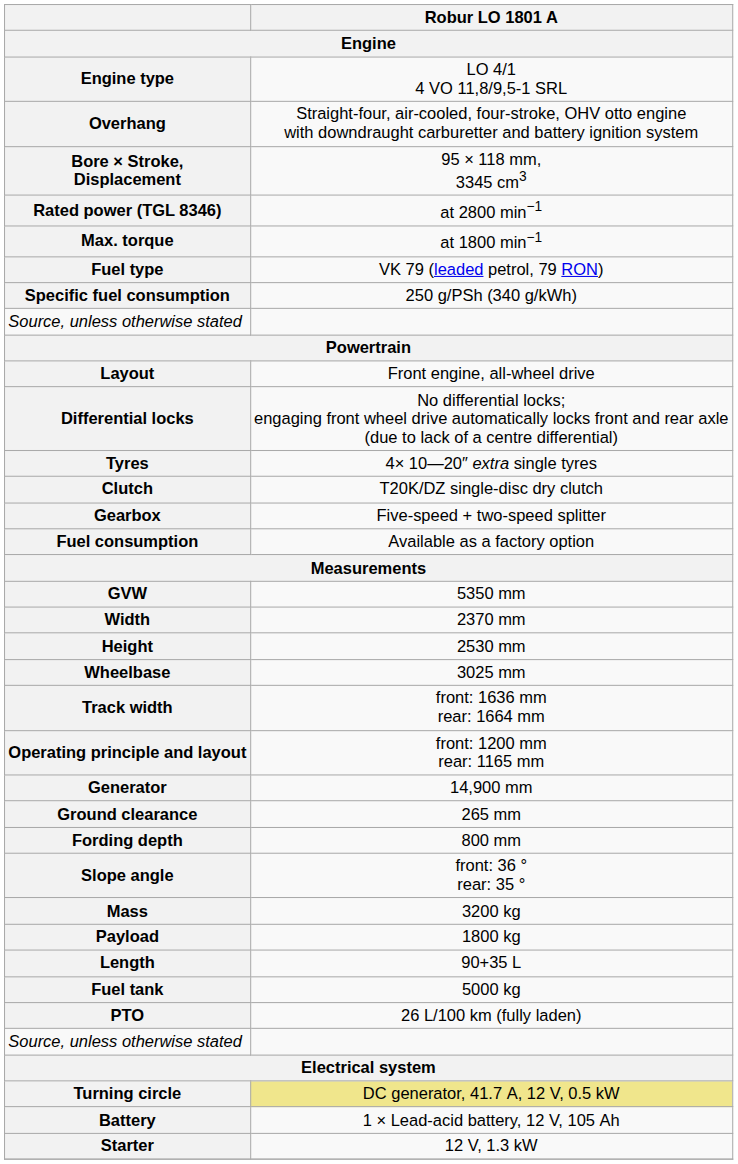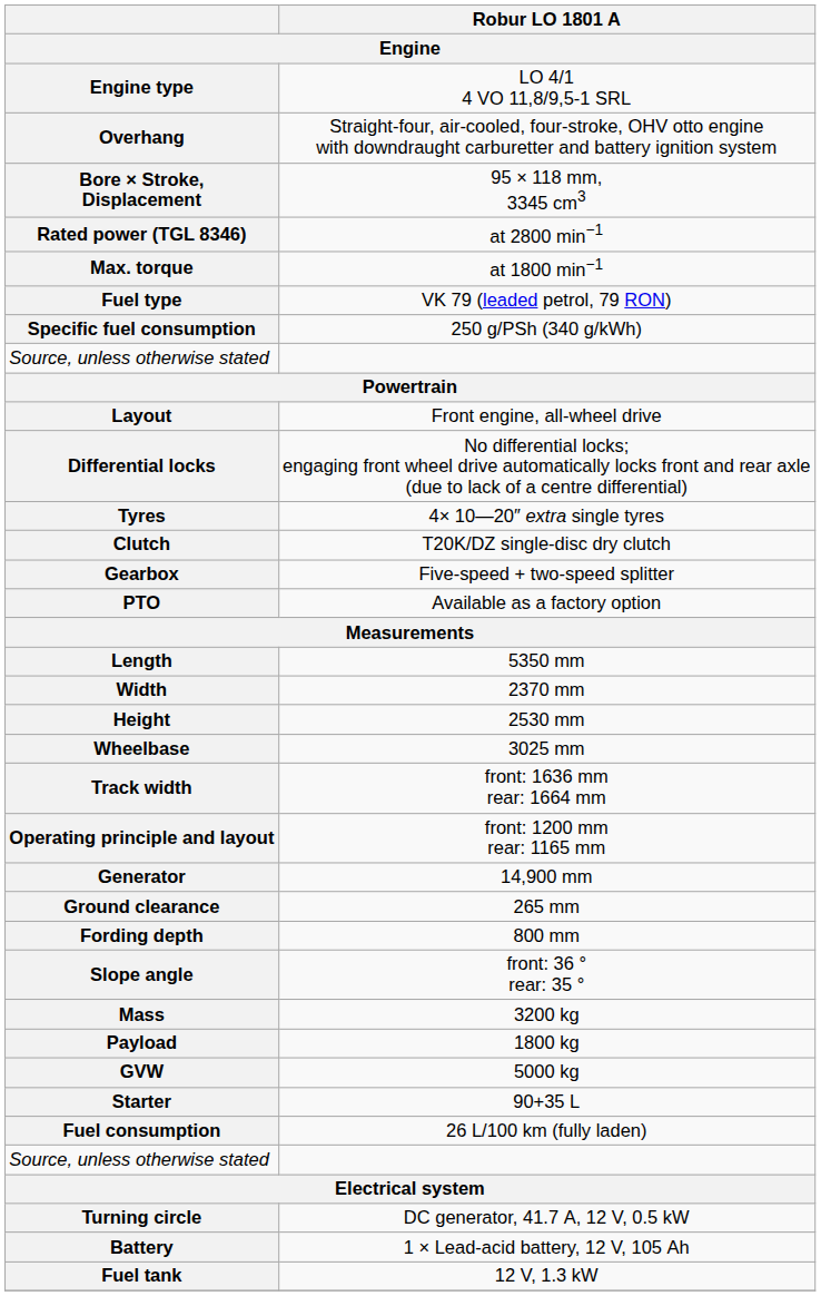 <table class="wikitable mw-collapsible mw-collapsed">
 <tr>
 <th></th>
 <th>Robur LO 1801 A</th>
 </tr>
 <tr>
 <th colspan="2">Engine</th>
 </tr>
 <tr>
 <th>Engine type</th>
 <td align="center" colspan="1">LO 4/1<br>4 VO 11,8/9,5-1 SRL</td>
 </tr>
 <tr>
 <th>Overhang</th>
 <td align="center" colspan="1">Straight-four, air-cooled, four-stroke, OHV otto engine<br>with downdraught carburetter and battery ignition system</td>
 </tr>
 <tr>
 <th>Bore × Stroke,<br>Displacement</th>
 <td align="center" colspan="1">95 × 118 mm,<br>3345 cm<sup>3</sup></td>
 </tr>
 <tr>
 <th>Rated power (TGL 8346)</th>
 <td align="center" colspan="1"> at 2800 min<sup>−1</sup></td>
 </tr>
 <tr>
 <th>Max. torque</th>
 <td align="center" colspan="1"> at 1800 min<sup>−1</sup></td>
 </tr>
 <tr>
 <th>Fuel type</th>
 <td align="center" colspan="1">VK 79 (<a href='#'>leaded</a> petrol, 79 <a href='#'>RON</a>)</td>
 </tr>
 <tr>
 <th>Specific fuel consumption</th>
 <td align="center" colspan="1">250 g/PSh (340 g/kWh)</td>
 </tr>
 <tr>
 <td><em>Source, unless otherwise stated</em></td>
 <td align="center" colspan="1"></td>
 </tr>
 <tr>
 <th colspan="2">Powertrain</th>
 </tr>
 <tr>
 <th>Layout</th>
 <td align="center" colspan="1">Front engine, all-wheel drive</td>
 </tr>
 <tr>
 <th>Differential locks</th>
 <td align="center" colspan="1">No differential locks;<br>engaging front wheel drive automatically locks front and rear axle<br>(due to lack of a centre differential)</td>
 </tr>
 <tr>
 <th>Tyres</th>
 <td align="center" colspan="1">4× 10—20″ <em>extra</em> single tyres</td>
 </tr>
 <tr>
 <th>Clutch</th>
 <td align="center" colspan="1">T20K/DZ single-disc dry clutch</td>
 </tr>
 <tr>
 <th>Gearbox</th>
 <td align="center" colspan="1">Five-speed + two-speed splitter</td>
 </tr>
 <tr>
-<th>Fuel consumption</th>
+<th>PTO</th>
 <td align="center" colspan="1">Available as a factory option</td>
 </tr>
 <tr>
 <th colspan="2">Measurements</th>
 </tr>
 <tr>
-<th>GVW</th>
+<th>Length</th>
 <td align="center" colspan="1">5350 mm</td>
 </tr>
 <tr>
 <th>Width</th>
 <td align="center" colspan="1">2370 mm</td>
 </tr>
 <tr>
 <th>Height</th>
 <td align="center" colspan="1">2530 mm</td>
 </tr>
 <tr>
 <th>Wheelbase</th>
 <td align="center" colspan="1">3025 mm</td>
 </tr>
 <tr>
 <th>Track width</th>
 <td align="center" colspan="1">front: 1636 mm<br>rear: 1664 mm</td>
 </tr>
 <tr>
 <th>Operating principle and layout</th>
 <td align="center" colspan="1">front: 1200 mm<br>rear: 1165 mm</td>
 </tr>
 <tr>
 <th>Generator</th>
 <td align="center" colspan="1">14,900 mm</td>
 </tr>
 <tr>
 <th>Ground clearance</th>
 <td align="center" colspan="1">265 mm</td>
 </tr>
 <tr>
 <th>Fording depth</th>
 <td align="center" colspan="1">800 mm</td>
 </tr>
 <tr>
 <th>Slope angle</th>
 <td align="center" colspan="1">front: 36 °<br>rear: 35 °</td>
 </tr>
 <tr>
 <th>Mass</th>
 <td align="center" colspan="1">3200 kg</td>
 </tr>
 <tr>
 <th>Payload</th>
 <td align="center" colspan="1">1800 kg</td>
 </tr>
 <tr>
-<th>Length</th>
+<th>GVW</th>
+<td align="center" colspan="1">5000 kg</td>
+</tr>
+<tr>
+<th>Starter</th>
 <td align="center" colspan="1">90+35 L</td>
 </tr>
 <tr>
-<th>Fuel tank</th>
-<td align="center" colspan="1">5000 kg</td>
-</tr>
-<tr>
-<th>PTO</th>
+<th>Fuel consumption</th>
 <td align="center" colspan="1">26 L/100 km (fully laden)</td>
 </tr>
 <tr>
 <td><em>Source, unless otherwise stated</em></td>
 <td align="center" colspan="1"></td>
 </tr>
 <tr>
 <th colspan="2">Electrical system</th>
 </tr>
 <tr>
 <th>Turning circle</th>
-<td align="center" colspan="1" style="background: khaki;">DC generator, 41.7 A, 12 V, 0.5 kW</td>
+<td align="center" colspan="1">DC generator, 41.7 A, 12 V, 0.5 kW</td>
 </tr>
 <tr>
 <th>Battery</th>
 <td align="center" colspan="1">1 × Lead-acid battery, 12 V, 105 Ah</td>
 </tr>
 <tr>
-<th>Starter</th>
+<th>Fuel tank</th>
 <td align="center" colspan="1">12 V, 1.3 kW</td>
 </tr>
 <tr>
 </tr>
 </table>
